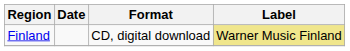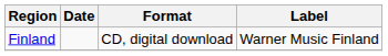 <table class=wikitable>
 <tr>
 <th>Region</th>
 <th>Date</th>
 <th>Format</th>
 <th>Label</th>
 </tr>
 <tr>
 <td><a href='#'>Finland</a></td>
 <td></td>
 <td>CD, digital download</td>
-<td style="background: khaki;">Warner Music Finland</td>
+<td>Warner Music Finland</td>
 </tr>
 <tr>
 </tr>
 </table>
